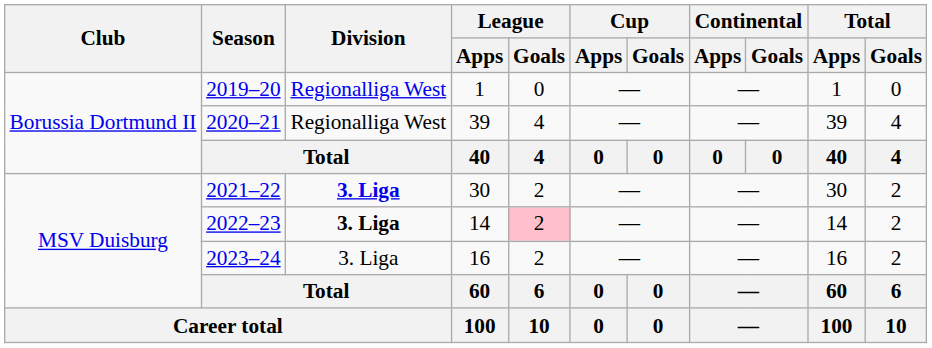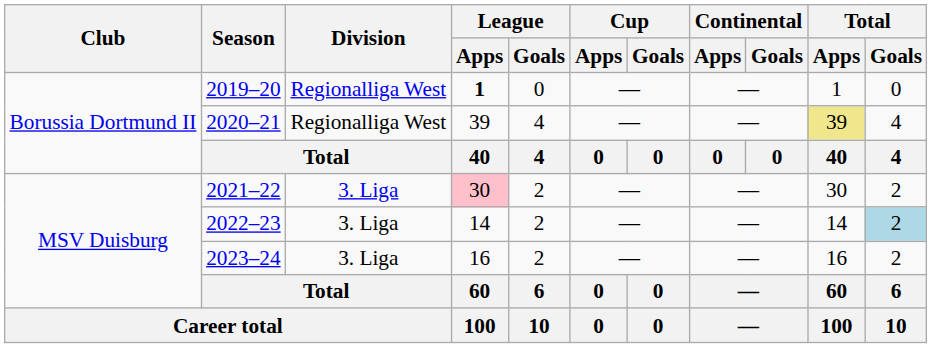 <table class="wikitable" style="text-align:center">
 <tr>
 <th rowspan="2">Club</th>
 <th rowspan="2">Season</th>
 <th rowspan="2">Division</th>
 <th colspan="2">League</th>
 <th colspan="2">Cup</th>
 <th colspan="2">Continental</th>
 <th colspan="2">Total</th>
 </tr>
 <tr>
 <th>Apps</th>
 <th>Goals</th>
 <th>Apps</th>
 <th>Goals</th>
 <th>Apps</th>
 <th>Goals</th>
 <th>Apps</th>
 <th>Goals</th>
 </tr>
 <tr>
 <td rowspan="3"><a href='#'>Borussia Dortmund II</a></td>
 <td><a href='#'>2019–20</a></td>
 <td><a href='#'>Regionalliga West</a></td>
-<td>1</td>
+<td><strong>1</strong></td>
 <td>0</td>
 <td colspan="2">—</td>
 <td colspan="2">—</td>
 <td>1</td>
 <td>0</td>
 </tr>
 <tr>
 <td><a href='#'>2020–21</a></td>
 <td>Regionalliga West</td>
 <td>39</td>
 <td>4</td>
 <td colspan="2">—</td>
 <td colspan="2">—</td>
-<td>39</td>
+<td style="background: khaki;">39</td>
 <td>4</td>
 </tr>
 <tr>
 <th colspan="2">Total</th>
 <th>40</th>
 <th>4</th>
 <th>0</th>
 <th>0</th>
 <th>0</th>
 <th>0</th>
 <th>40</th>
 <th>4</th>
 </tr>
 <tr>
 <td rowspan="4"><a href='#'>MSV Duisburg</a></td>
 <td><a href='#'>2021–22</a></td>
-<td><strong><a href='#'>3. Liga</a></strong></td>
-<td>30</td>
+<td><a href='#'>3. Liga</a></td>
+<td style="background: pink;">30</td>
 <td>2</td>
 <td colspan="2">—</td>
 <td colspan="2">—</td>
 <td>30</td>
 <td>2</td>
 </tr>
 <tr>
 <td><a href='#'>2022–23</a></td>
-<td><strong>3. Liga</strong></td>
+<td>3. Liga</td>
 <td>14</td>
-<td style="background: pink;">2</td>
+<td>2</td>
 <td colspan="2">—</td>
 <td colspan="2">—</td>
 <td>14</td>
-<td>2</td>
+<td style="background: lightblue;">2</td>
 </tr>
 <tr>
 <td><a href='#'>2023–24</a></td>
 <td>3. Liga</td>
 <td>16</td>
 <td>2</td>
 <td colspan="2">—</td>
 <td colspan="2">—</td>
 <td>16</td>
 <td>2</td>
 </tr>
 <tr>
 <th colspan="2">Total</th>
 <th>60</th>
 <th>6</th>
 <th>0</th>
 <th>0</th>
 <th colspan="2">—</th>
 <th>60</th>
 <th>6</th>
 </tr>
 <tr>
 <th colspan="3">Career total</th>
 <th>100</th>
 <th>10</th>
 <th>0</th>
 <th>0</th>
 <th colspan=2>—</th>
 <th>100</th>
 <th>10</th>
 </tr>
 </table>
